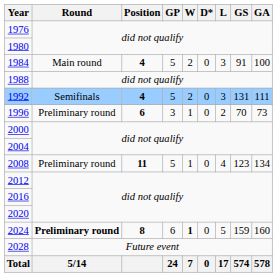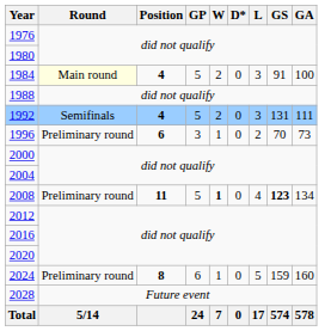 <table class="wikitable" style="text-align: center;">
 <tr>
 <th>Year</th>
 <th>Round</th>
 <th>Position</th>
 <th>GP</th>
 <th>W</th>
 <th>D*</th>
 <th>L</th>
 <th>GS</th>
 <th>GA</th>
 </tr>
 <tr>
 <td> <a href='#'>1976</a></td>
 <td rowspan=2 colspan=8><em>did not qualify</em></td>
 </tr>
 <tr>
 <td> <a href='#'>1980</a></td>
 </tr>
 <tr>
 <td> <a href='#'>1984</a></td>
-<td>Main round</td>
+<td style="background: lightyellow;">Main round</td>
 <td><strong>4</strong></td>
 <td>5</td>
 <td>2</td>
 <td>0</td>
 <td>3</td>
 <td>91</td>
 <td>100</td>
 </tr>
 <tr>
 <td> <a href='#'>1988</a></td>
 <td colspan=8><em>did not qualify</em></td>
 </tr>
 <tr style="background:#9acdff;">
 <td> <a href='#'>1992</a></td>
 <td>Semifinals</td>
 <td><strong>4</strong></td>
 <td>5</td>
 <td>2</td>
 <td>0</td>
 <td>3</td>
 <td>131</td>
 <td>111</td>
 </tr>
 <tr>
 <td> <a href='#'>1996</a></td>
 <td>Preliminary round</td>
 <td><strong>6</strong></td>
 <td>3</td>
 <td>1</td>
 <td>0</td>
 <td>2</td>
 <td>70</td>
 <td>73</td>
 </tr>
 <tr>
 <td> <a href='#'>2000</a></td>
 <td rowspan=2 colspan=8><em>did not qualify</em></td>
 </tr>
 <tr>
 <td> <a href='#'>2004</a></td>
 </tr>
 <tr>
 <td> <a href='#'>2008</a></td>
 <td>Preliminary round</td>
 <td><strong>11</strong></td>
 <td>5</td>
-<td>1</td>
+<td><strong>1</strong></td>
 <td>0</td>
 <td>4</td>
-<td>123</td>
+<td><strong>123</strong></td>
 <td>134</td>
 </tr>
 <tr>
 <td> <a href='#'>2012</a></td>
 <td rowspan=3 colspan=8><em>did not qualify</em></td>
 </tr>
 <tr>
 <td> <a href='#'>2016</a></td>
 </tr>
 <tr>
 <td> <a href='#'>2020</a></td>
 </tr>
 <tr>
 <td> <a href='#'>2024</a></td>
-<td><strong>Preliminary round</strong></td>
+<td>Preliminary round</td>
 <td><strong>8</strong></td>
 <td>6</td>
-<td><strong>1</strong></td>
+<td>1</td>
 <td>0</td>
 <td>5</td>
 <td>159</td>
 <td>160</td>
 </tr>
 <tr>
 <td> <a href='#'>2028</a></td>
 <td colspan=8><em>Future event</em></td>
 </tr>
 <tr>
 <th>Total</th>
 <th>5/14</th>
 <th></th>
 <th>24</th>
 <th>7</th>
 <th>0</th>
 <th>17</th>
 <th>574</th>
 <th>578</th>
 </tr>
 </table>
